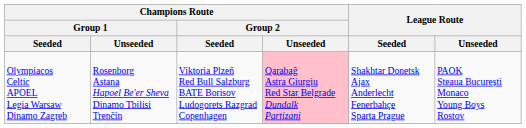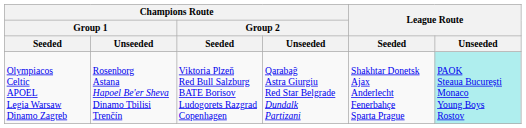 <table class="wikitable" style="font-size:80%">
 <tr>
 <th colspan=4>Champions Route</th>
 <th colspan=2 rowspan=2>League Route</th>
 </tr>
 <tr>
 <th colspan=2>Group 1</th>
 <th colspan=2>Group 2</th>
 </tr>
 <tr>
 <th width=16%>Seeded</th>
 <th width=16%>Unseeded</th>
 <th width=16%>Seeded</th>
 <th width=16%>Unseeded</th>
 <th width=16%>Seeded</th>
 <th width=16%>Unseeded</th>
 </tr>
 <tr>
 <td valign=top><br> <a href='#'>Olympiacos</a><br>  <a href='#'>Celtic</a><br>  <a href='#'>APOEL</a><br>  <a href='#'>Legia Warsaw</a><br>  <a href='#'>Dinamo Zagreb</a></td>
 <td valign=top><br> <a href='#'>Rosenborg</a><br>  <a href='#'>Astana</a><br>  <em><a href='#'>Hapoel Be'er Sheva</a></em><br>  <a href='#'>Dinamo Tbilisi</a><br>  <a href='#'>Trenčín</a></td>
 <td valign=top><br> <a href='#'>Viktoria Plzeň</a><br>  <a href='#'>Red Bull Salzburg</a><br>  <a href='#'>BATE Borisov</a><br>  <a href='#'>Ludogorets Razgrad</a><br>  <a href='#'>Copenhagen</a></td>
-<td valign=top style="background: pink;"><br> <a href='#'>Qarabağ</a><br>  <a href='#'>Astra Giurgiu</a><br>  <a href='#'>Red Star Belgrade</a><br>  <em><a href='#'>Dundalk</a></em><br>  <em><a href='#'>Partizani</a></em></td>
+<td valign=top><br> <a href='#'>Qarabağ</a><br>  <a href='#'>Astra Giurgiu</a><br>  <a href='#'>Red Star Belgrade</a><br>  <em><a href='#'>Dundalk</a></em><br>  <em><a href='#'>Partizani</a></em></td>
 <td valign=top><br> <a href='#'>Shakhtar Donetsk</a><br>  <a href='#'>Ajax</a><br>  <a href='#'>Anderlecht</a><br>  <a href='#'>Fenerbahçe</a><br>  <a href='#'>Sparta Prague</a></td>
-<td valign=top><br> <a href='#'>PAOK</a><br>  <a href='#'>Steaua București</a><br>  <a href='#'>Monaco</a><br>  <a href='#'>Young Boys</a><br>  <a href='#'>Rostov</a></td>
+<td valign=top style="background: paleturquoise;"><br> <a href='#'>PAOK</a><br>  <a href='#'>Steaua București</a><br>  <a href='#'>Monaco</a><br>  <a href='#'>Young Boys</a><br>  <a href='#'>Rostov</a></td>
 </tr>
 </table>
